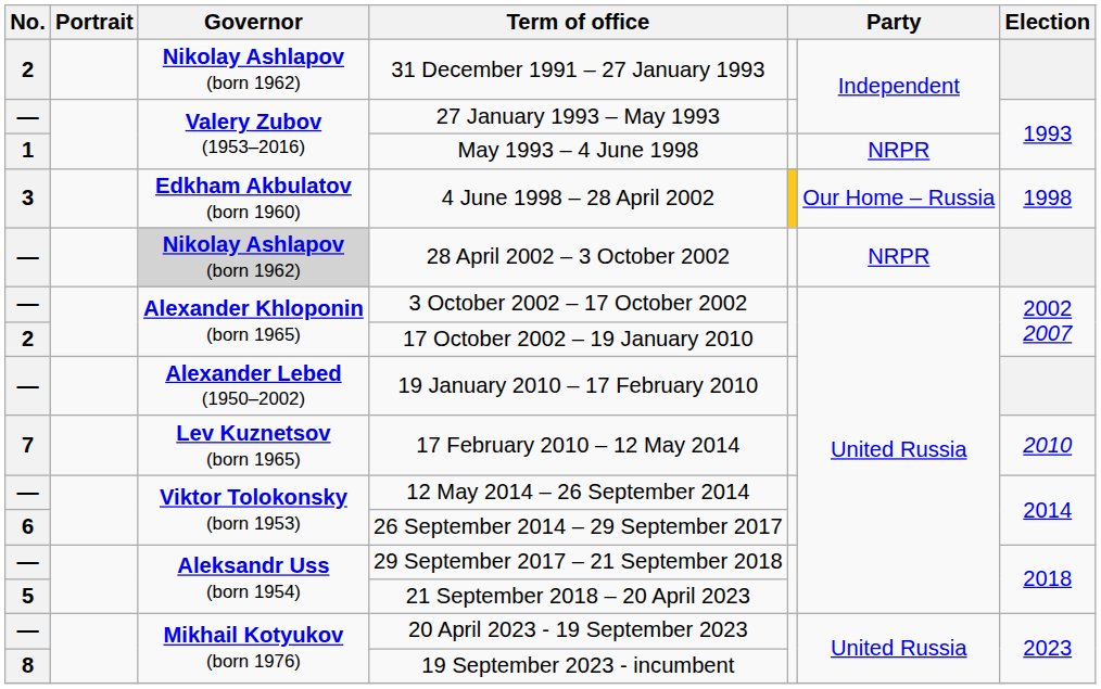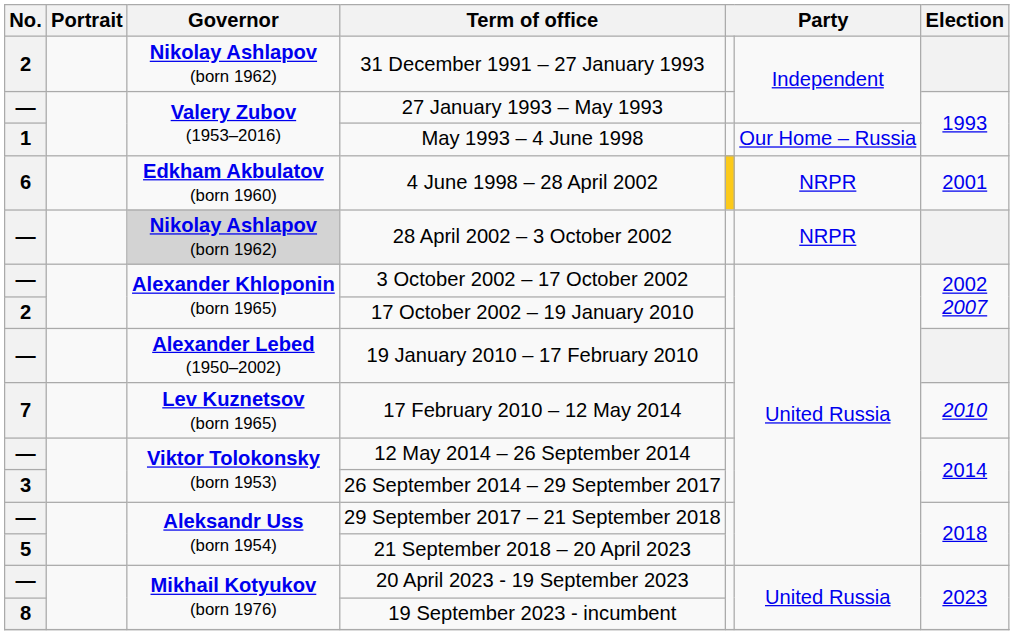 <table class="wikitable" style="text-align: center;">
 <tr>
 <th>No.</th>
 <th>Portrait</th>
 <th>Governor</th>
 <th>Term of office</th>
 <th colspan="2">Party</th>
 <th>Election</th>
 </tr>
 <tr>
 <th>2</th>
 <td></td>
 <td><strong><a href='#'>Nikolay Ashlapov</a></strong><br><small>(born 1962)</small></td>
 <td>31 December 1991 – 27 January 1993</td>
 <td style="background:"></td>
 <td rowspan="2"><a href='#'>Independent</a></td>
 <th></th>
 </tr>
 <tr>
 <th>—</th>
 <td rowspan=2></td>
 <td rowspan=2><strong><a href='#'>Valery Zubov</a></strong><br><small>(1953–2016)</small></td>
 <td>27 January 1993 – May 1993</td>
 <td style="background:"></td>
 <td rowspan=2><a href='#'>1993</a></td>
 </tr>
 <tr>
 <th>1</th>
 <td>May 1993 – 4 June 1998</td>
 <td style="background:"></td>
-<td><a href='#'>NRPR</a></td>
+<td><a href='#'>Our Home – Russia</a></td>
 </tr>
 <tr>
-<th>3</th>
+<th>6</th>
 <td></td>
 <td><strong><a href='#'>Edkham Akbulatov</a></strong><br><small>(born 1960)</small></td>
 <td>4 June 1998 – 28 April 2002</td>
 <td style="background:#FCCA19;"></td>
-<td><a href='#'>Our Home – Russia</a></td>
-<td><a href='#'>1998</a></td>
+<td><a href='#'>NRPR</a></td>
+<td><a href='#'>2001</a></td>
 </tr>
 <tr>
 <th>—</th>
 <td></td>
 <td style="background: lightgrey;"><strong><a href='#'>Nikolay Ashlapov</a></strong><br><small>(born 1962)</small></td>
 <td>28 April 2002 – 3 October 2002</td>
 <td style="background:"></td>
 <td><a href='#'>NRPR</a></td>
 <th></th>
 </tr>
 <tr>
 <th>—</th>
 <td rowspan=2></td>
 <td rowspan=2><strong><a href='#'>Alexander Khloponin</a></strong><br><small>(born 1965)</small></td>
 <td>3 October 2002 – 17 October 2002</td>
 <td rowspan=2; style="background:"></td>
 <td rowspan=8><a href='#'>United Russia</a></td>
 <td rowspan=2><a href='#'>2002</a><br><em><a href='#'>2007</a></em></td>
 </tr>
 <tr>
 <th>2</th>
 <td>17 October 2002 – 19 January 2010</td>
 </tr>
 <tr>
 <th>—</th>
 <td></td>
 <td><strong><a href='#'>Alexander Lebed</a></strong><br><small>(1950–2002)</small></td>
 <td>19 January 2010 – 17 February 2010</td>
 <td style="background:"></td>
 <th></th>
 </tr>
 <tr>
 <th>7</th>
 <td></td>
 <td><strong><a href='#'>Lev Kuznetsov</a></strong><br><small>(born 1965)</small></td>
 <td>17 February 2010 – 12 May 2014</td>
 <td style="background:"></td>
 <td><em><a href='#'>2010</a></em></td>
 </tr>
 <tr>
 <th>—</th>
 <td rowspan=2></td>
 <td rowspan=2><strong><a href='#'>Viktor Tolokonsky</a></strong><br><small>(born 1953)</small></td>
 <td>12 May 2014 – 26 September 2014</td>
 <td rowspan=2; style="background:"></td>
 <td rowspan=2><a href='#'>2014</a></td>
 </tr>
 <tr>
-<th>6</th>
+<th>3</th>
 <td>26 September 2014 – 29 September 2017</td>
 </tr>
 <tr>
 <th>—</th>
 <td rowspan=2></td>
 <td rowspan=2><strong><a href='#'>Aleksandr Uss</a></strong><br><small>(born 1954)</small></td>
 <td>29 September 2017 – 21 September 2018</td>
 <td rowspan=2; style="background:"></td>
 <td rowspan=2><a href='#'>2018</a></td>
 </tr>
 <tr>
 <th>5</th>
 <td>21 September 2018 – 20 April 2023</td>
 </tr>
 <tr>
 <th>—</th>
 <td rowspan=2></td>
 <td rowspan=2><strong><a href='#'>Mikhail Kotyukov</a></strong><br><small>(born 1976)</small></td>
 <td>20 April 2023 - 19 September 2023</td>
 <td rowspan=2; style="background:"></td>
 <td rowspan=2><a href='#'>United Russia</a></td>
 <td rowspan=2><a href='#'>2023</a></td>
 </tr>
 <tr>
 <th>8</th>
 <td>19 September 2023 - incumbent</td>
 </tr>
 <tr>
 </tr>
 </table>
